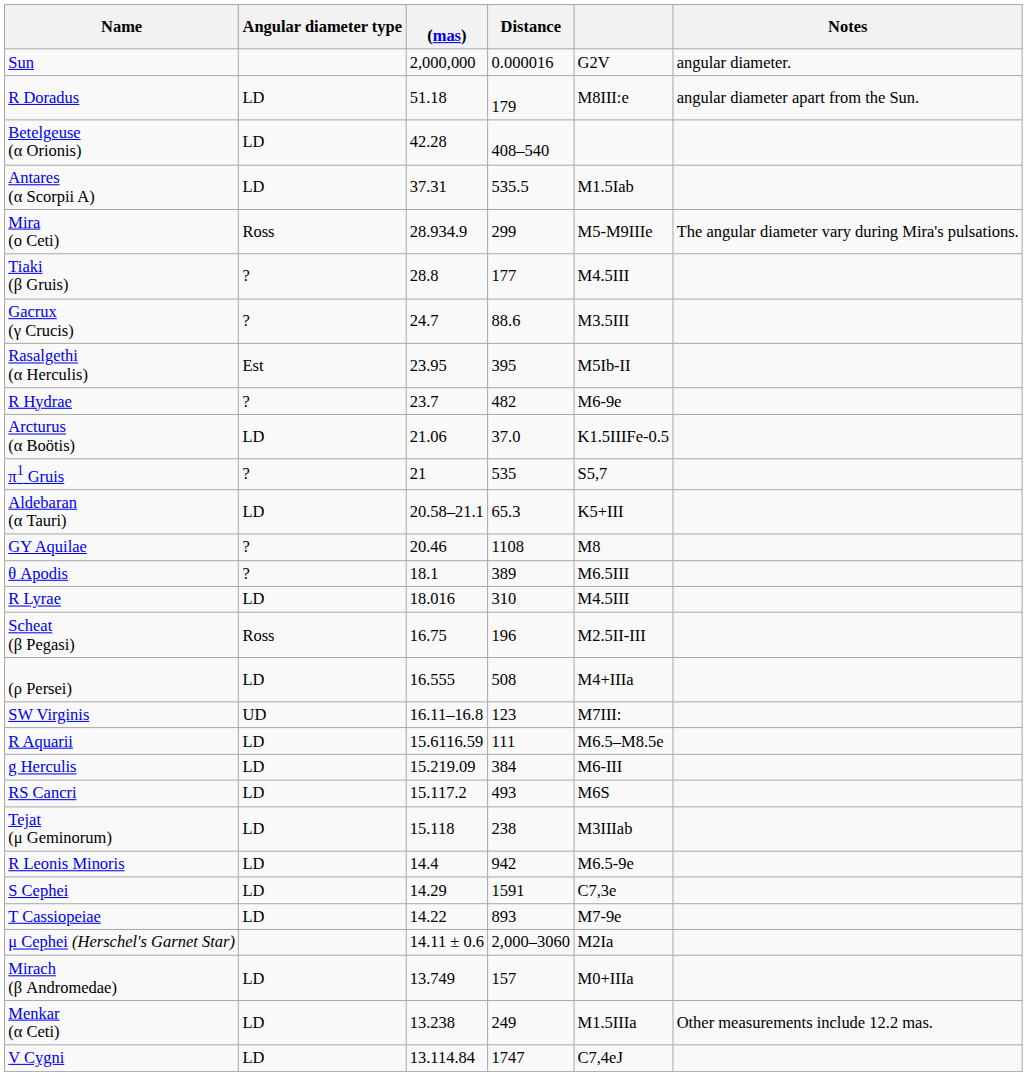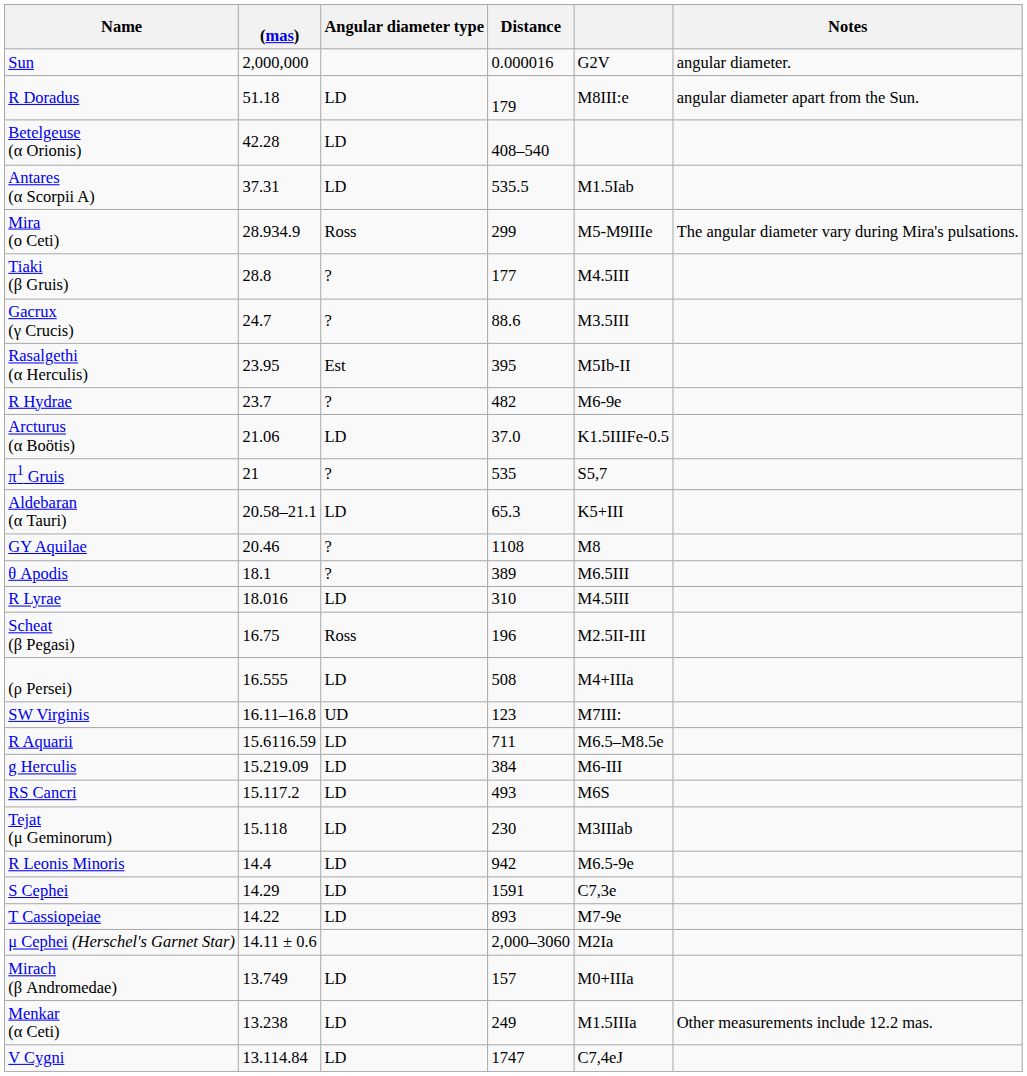 <table class="wikitable sortable">
 <tr>
 <th>Name</th>
+<th><br>(<a href='#'>mas</a>)</th>
 <th>Angular diameter type</th>
-<th><br>(<a href='#'>mas</a>)</th>
 <th>Distance<br></th>
 <th></th>
 <th>Notes</th>
 </tr>
 <tr>
 <td><a href='#'>Sun</a></td>
+<td>2,000,000</td>
 <td></td>
-<td>2,000,000</td>
 <td>0.000016</td>
 <td style="background: ">G2V</td>
 <td> angular diameter.</td>
 </tr>
 <tr>
 <td><a href='#'>R Doradus</a></td>
+<td>51.18</td>
 <td>LD</td>
-<td>51.18</td>
 <td><br>179</td>
 <td style="background: ">M8III:e</td>
 <td> angular diameter apart from the Sun.</td>
 </tr>
 <tr>
 <td><a href='#'>Betelgeuse</a><br>(α Orionis)</td>
+<td>42.28</td>
 <td>LD</td>
-<td>42.28</td>
 <td><br>408–540</td>
 <td style="background: "></td>
 <td></td>
 </tr>
 <tr>
 <td><a href='#'>Antares</a><br>(α Scorpii A)</td>
+<td>37.31</td>
 <td>LD</td>
-<td>37.31</td>
 <td>535.5</td>
 <td style="background: ">M1.5Iab</td>
 <td></td>
 </tr>
 <tr>
 <td><a href='#'>Mira</a><br>(ο Ceti)</td>
+<td>28.934.9</td>
 <td>Ross</td>
-<td>28.934.9</td>
 <td>299</td>
 <td style="background: ">M5-M9IIIe</td>
 <td>The angular diameter vary during Mira's pulsations.</td>
 </tr>
 <tr>
 <td><a href='#'>Tiaki</a><br>(β Gruis)</td>
+<td>28.8</td>
 <td>?</td>
-<td>28.8</td>
 <td>177</td>
 <td style="background: ">M4.5III</td>
 <td></td>
 </tr>
 <tr>
 <td><a href='#'>Gacrux</a><br>(γ Crucis)</td>
+<td>24.7</td>
 <td>?</td>
-<td>24.7</td>
 <td>88.6</td>
 <td style="background: ">M3.5III</td>
 <td></td>
 </tr>
 <tr>
 <td><a href='#'>Rasalgethi</a><br>(α Herculis)</td>
+<td>23.95</td>
 <td>Est</td>
-<td>23.95</td>
 <td>395</td>
 <td style="background: ">M5Ib-II</td>
 <td></td>
 </tr>
 <tr>
 <td><a href='#'>R Hydrae</a></td>
+<td>23.7</td>
 <td>?</td>
-<td>23.7</td>
 <td>482</td>
 <td style="background: ">M6-9e</td>
 <td></td>
 </tr>
 <tr>
 <td><a href='#'>Arcturus</a><br>(α Boötis)</td>
+<td>21.06</td>
 <td>LD</td>
-<td>21.06</td>
 <td>37.0</td>
 <td style="background: ">K1.5IIIFe-0.5</td>
 <td></td>
 </tr>
 <tr>
 <td><a href='#'>π<sup>1</sup> Gruis</a></td>
+<td>21</td>
 <td>?</td>
-<td>21</td>
 <td>535</td>
 <td style="background: ">S5,7</td>
 <td></td>
 </tr>
 <tr>
 <td><a href='#'>Aldebaran</a><br>(α Tauri)</td>
+<td>20.58–21.1</td>
 <td>LD</td>
-<td>20.58–21.1</td>
 <td>65.3</td>
 <td style="background: ">K5+III</td>
 <td></td>
 </tr>
 <tr>
 <td><a href='#'>GY Aquilae</a></td>
+<td>20.46</td>
 <td>?</td>
-<td>20.46</td>
 <td>1108</td>
 <td style="background: ">M8</td>
 <td></td>
 </tr>
 <tr>
 <td><a href='#'>θ Apodis</a></td>
+<td>18.1</td>
 <td>?</td>
-<td>18.1</td>
 <td>389</td>
 <td style="background: ">M6.5III</td>
 <td></td>
 </tr>
 <tr>
 <td><a href='#'>R Lyrae</a></td>
+<td>18.016</td>
 <td>LD</td>
-<td>18.016</td>
 <td>310</td>
 <td style="background: ">M4.5III</td>
 <td></td>
 </tr>
 <tr>
 <td><a href='#'>Scheat</a><br>(β Pegasi)</td>
+<td>16.75</td>
 <td>Ross</td>
-<td>16.75</td>
 <td>196</td>
 <td style="background: ">M2.5II-III</td>
 <td></td>
 </tr>
 <tr>
 <td><br>(ρ Persei)</td>
+<td>16.555</td>
 <td>LD</td>
-<td>16.555</td>
 <td>508</td>
 <td style="background: ">M4+IIIa</td>
 <td></td>
 </tr>
 <tr>
 <td><a href='#'>SW Virginis</a></td>
+<td>16.11–16.8</td>
 <td>UD</td>
-<td>16.11–16.8</td>
 <td>123</td>
 <td style="background: ">M7III:</td>
 <td></td>
 </tr>
 <tr>
 <td><a href='#'>R Aquarii</a></td>
+<td>15.6116.59</td>
 <td>LD</td>
-<td>15.6116.59</td>
-<td>111</td>
+<td>711</td>
 <td style="background: ">M6.5–M8.5e</td>
 <td></td>
 </tr>
 <tr>
 <td><a href='#'>g Herculis</a></td>
+<td>15.219.09</td>
 <td>LD</td>
-<td>15.219.09</td>
 <td>384</td>
 <td style="background: ">M6-III</td>
 <td></td>
 </tr>
 <tr>
 <td><a href='#'>RS Cancri</a></td>
+<td>15.117.2</td>
 <td>LD</td>
-<td>15.117.2</td>
 <td>493</td>
 <td style="background: ">M6S</td>
 <td></td>
 </tr>
 <tr>
 <td><a href='#'>Tejat</a><br>(μ Geminorum)</td>
+<td>15.118</td>
 <td>LD</td>
-<td>15.118</td>
-<td>238</td>
+<td>230</td>
 <td style="background: ">M3IIIab</td>
 <td></td>
 </tr>
 <tr>
 <td><a href='#'>R Leonis Minoris</a></td>
+<td>14.4</td>
 <td>LD</td>
-<td>14.4</td>
 <td>942</td>
 <td style="background: ">M6.5-9e</td>
 <td></td>
 </tr>
 <tr>
 <td><a href='#'>S Cephei</a></td>
+<td>14.29</td>
 <td>LD</td>
-<td>14.29</td>
 <td>1591</td>
 <td style="background: ">C7,3e</td>
 <td></td>
 </tr>
 <tr>
 <td><a href='#'>T Cassiopeiae</a></td>
+<td>14.22</td>
 <td>LD</td>
-<td>14.22</td>
 <td>893</td>
 <td style="background: ">M7-9e</td>
 <td></td>
 </tr>
 <tr>
 <td><a href='#'>μ Cephei</a> <em>(Herschel's Garnet Star)</em></td>
+<td>14.11 ± 0.6</td>
 <td></td>
-<td>14.11 ± 0.6</td>
 <td>2,000–3060</td>
 <td style="background: ">M2Ia</td>
 <td></td>
 </tr>
 <tr>
 <td><a href='#'>Mirach</a><br>(β Andromedae)</td>
+<td>13.749</td>
 <td>LD</td>
-<td>13.749</td>
 <td>157</td>
 <td style="background: ">M0+IIIa</td>
 <td></td>
 </tr>
 <tr>
 <td><a href='#'>Menkar</a><br>(α Ceti)</td>
+<td>13.238</td>
 <td>LD</td>
-<td>13.238</td>
 <td>249</td>
 <td style="background: ">M1.5IIIa</td>
 <td>Other measurements include 12.2 mas.</td>
 </tr>
 <tr>
 <td><a href='#'>V Cygni</a></td>
+<td>13.114.84</td>
 <td>LD</td>
-<td>13.114.84</td>
 <td>1747</td>
 <td style="background: ">C7,4eJ</td>
 <td></td>
 </tr>
 </table>
